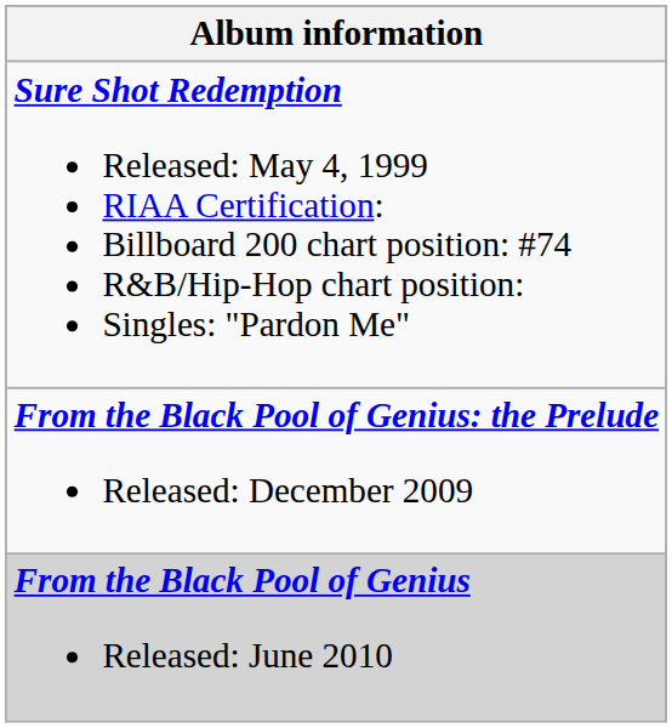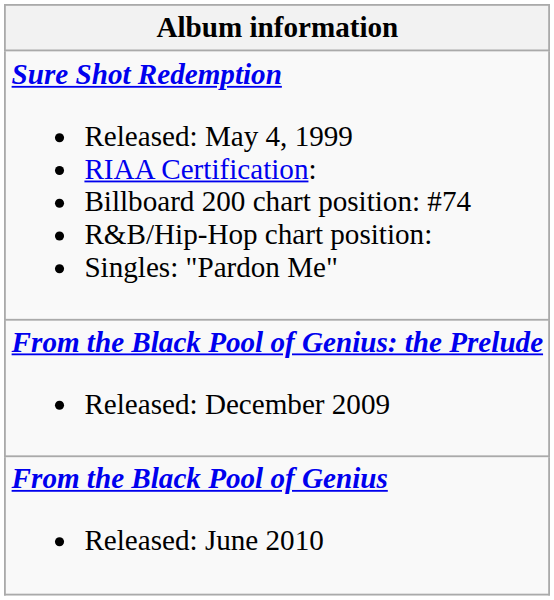 <table class="wikitable">
 <tr>
 <th align="left">Album information</th>
 </tr>
 <tr>
 <td align="left"><strong><em><a href='#'>Sure Shot Redemption</a></em></strong><br><ul><li>Released: May 4, 1999</li><li><a href='#'>RIAA Certification</a>:</li><li>Billboard 200 chart position: #74</li><li>R&B/Hip-Hop chart position:</li><li>Singles: "Pardon Me"</li></ul></td>
 </tr>
 <tr>
 <td align="left"><strong><em><a href='#'>From the Black Pool of Genius: the Prelude</a></em></strong><br><ul><li>Released: December 2009</li></ul></td>
 </tr>
 <tr>
-<td align="left" style="background: lightgrey;"><strong><em><a href='#'>From the Black Pool of Genius</a></em></strong><br><ul><li>Released: June 2010</li></ul></td>
+<td align="left"><strong><em><a href='#'>From the Black Pool of Genius</a></em></strong><br><ul><li>Released: June 2010</li></ul></td>
 </tr>
 </table>
